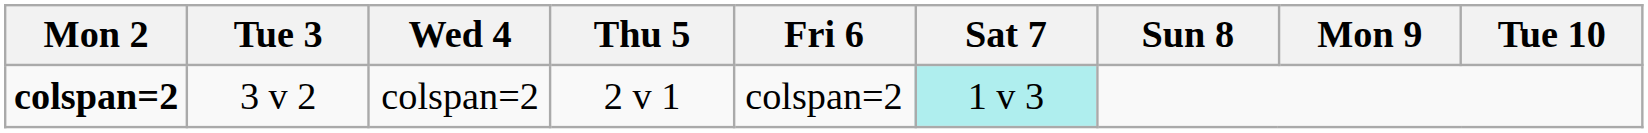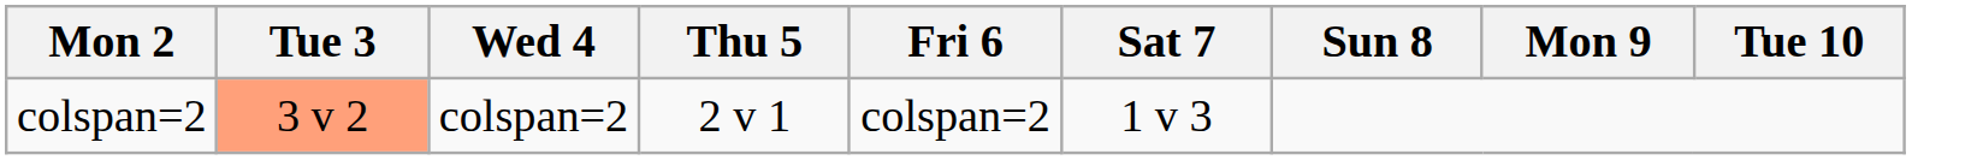 <table class="wikitable" style="text-align:center">
 <tr>
 <th width=11.1%>Mon 2</th>
 <th width=11.1%>Tue 3</th>
 <th width=11.1%>Wed 4</th>
 <th width=11.1%>Thu 5</th>
 <th width=11.1%>Fri 6</th>
 <th width=11.1%>Sat 7</th>
 <th width=11.1%>Sun 8</th>
 <th width=11.1%>Mon 9</th>
 <th width=11.1%>Tue 10</th>
 </tr>
 <tr>
-<td><strong>colspan=2 </strong></td>
-<td>3 v 2</td>
+<td>colspan=2 </td>
+<td style="background: lightsalmon;">3 v 2</td>
 <td>colspan=2 </td>
 <td>2 v 1</td>
 <td>colspan=2 </td>
-<td style="background: paleturquoise;">1 v 3</td>
+<td>1 v 3</td>
 </tr>
 </table>
